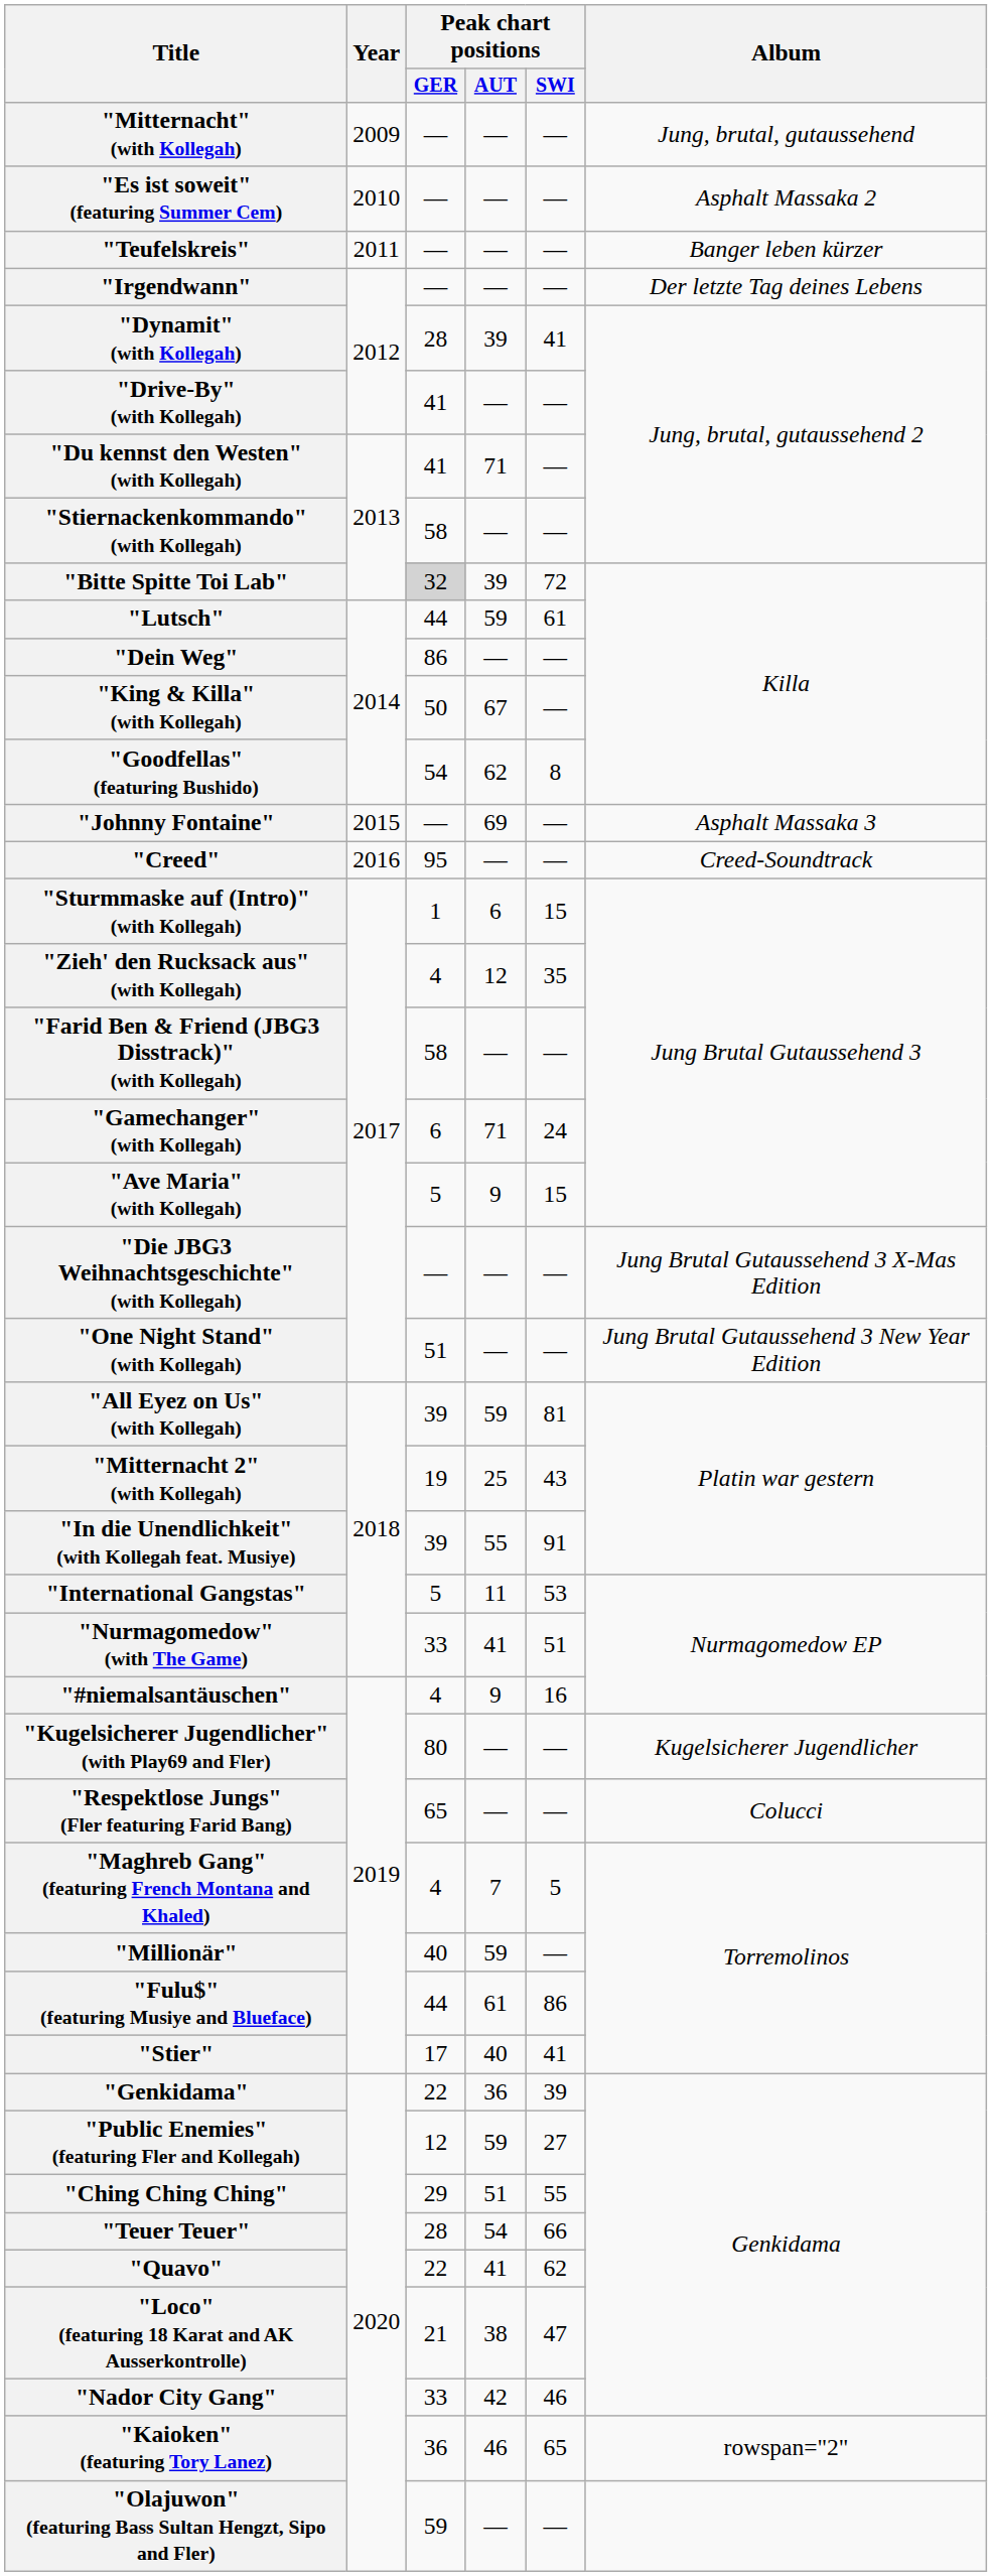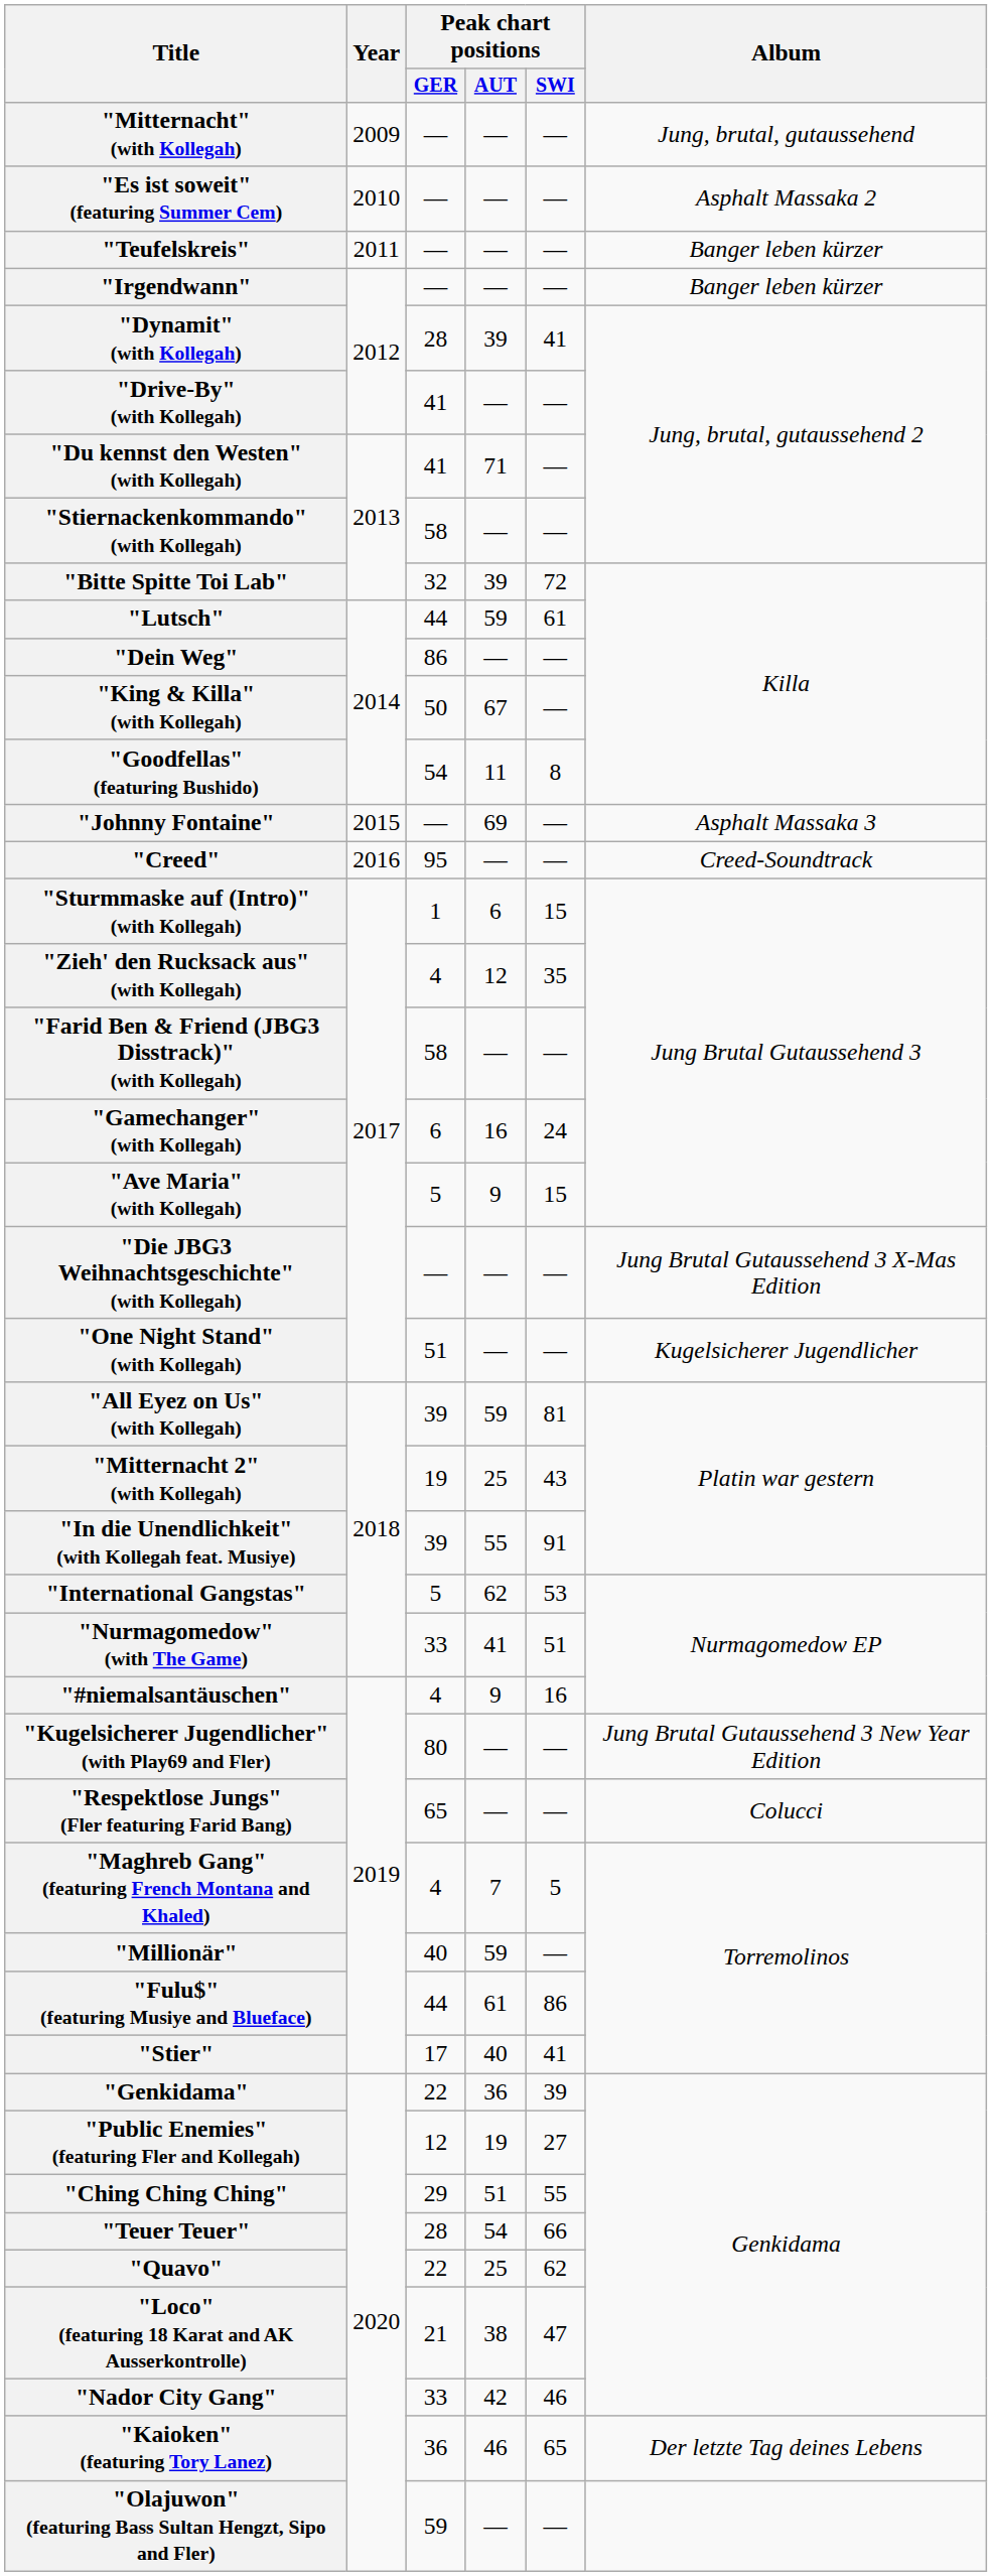 <table class="wikitable plainrowheaders" style="text-align:center;">
 <tr>
 <th scope="col" rowspan="2" style="width:14em;">Title</th>
 <th scope="col" rowspan="2" style="width:1em;">Year</th>
 <th scope="col" colspan="3">Peak chart positions</th>
 <th scope="col" rowspan="2" style="width:16.5em;">Album</th>
 </tr>
 <tr>
 <th style="width:2.5em; font-size:85%"><a href='#'>GER</a><br></th>
 <th style="width:2.5em; font-size:85%"><a href='#'>AUT</a><br></th>
 <th style="width:2.5em; font-size:85%"><a href='#'>SWI</a><br></th>
 </tr>
 <tr>
 <th scope="row">"Mitternacht"<br><small>(with <a href='#'>Kollegah</a>)</small></th>
 <td>2009</td>
 <td>—</td>
 <td>—</td>
 <td>—</td>
 <td><em>Jung, brutal, gutaussehend</em></td>
 </tr>
 <tr>
 <th scope="row">"Es ist soweit"<br><small>(featuring <a href='#'>Summer Cem</a>)</small></th>
 <td>2010</td>
 <td>—</td>
 <td>—</td>
 <td>—</td>
 <td><em>Asphalt Massaka 2</em></td>
 </tr>
 <tr>
 <th scope="row">"Teufelskreis"</th>
 <td>2011</td>
 <td>—</td>
 <td>—</td>
 <td>—</td>
 <td><em>Banger leben kürzer</em></td>
 </tr>
 <tr>
 <th scope="row">"Irgendwann"</th>
 <td rowspan="3">2012</td>
 <td>—</td>
 <td>—</td>
 <td>—</td>
-<td><em>Der letzte Tag deines Lebens</em></td>
+<td><em>Banger leben kürzer</em></td>
 </tr>
 <tr>
 <th scope="row">"Dynamit"<br><small>(with <a href='#'>Kollegah</a>)</small></th>
 <td>28</td>
 <td>39</td>
 <td>41</td>
 <td rowspan="4"><em>Jung, brutal, gutaussehend 2</em></td>
 </tr>
 <tr>
 <th scope="row">"Drive-By"<br><small>(with Kollegah)</small></th>
 <td>41</td>
 <td>—</td>
 <td>—</td>
 </tr>
 <tr>
 <th scope="row">"Du kennst den Westen"<br><small>(with Kollegah)</small></th>
 <td rowspan="3">2013</td>
 <td>41</td>
 <td>71</td>
 <td>—</td>
 </tr>
 <tr>
 <th scope="row">"Stiernackenkommando"<br><small>(with Kollegah)</small></th>
 <td>58</td>
 <td>—</td>
 <td>—</td>
 </tr>
 <tr>
 <th scope="row">"Bitte Spitte Toi Lab"</th>
-<td style="background: lightgrey;">32</td>
+<td>32</td>
 <td>39</td>
 <td>72</td>
 <td rowspan="5"><em>Killa</em></td>
 </tr>
 <tr>
 <th scope="row">"Lutsch"</th>
 <td rowspan="4">2014</td>
 <td>44</td>
 <td>59</td>
 <td>61</td>
 </tr>
 <tr>
 <th scope="row">"Dein Weg"</th>
 <td>86</td>
 <td>—</td>
 <td>—</td>
 </tr>
 <tr>
 <th scope="row">"King & Killa"<br><small>(with Kollegah)</small></th>
 <td>50</td>
 <td>67</td>
 <td>—</td>
 </tr>
 <tr>
 <th scope="row">"Goodfellas"<br><small>(featuring Bushido)</small></th>
 <td>54</td>
-<td>62</td>
+<td>11</td>
 <td>8</td>
 </tr>
 <tr>
 <th scope="row">"Johnny Fontaine"</th>
 <td>2015</td>
 <td>—</td>
 <td>69</td>
 <td>—</td>
 <td><em>Asphalt Massaka 3</em></td>
 </tr>
 <tr>
 <th scope="row">"Creed"</th>
 <td>2016</td>
 <td>95</td>
 <td>—</td>
 <td>—</td>
 <td><em>Creed-Soundtrack</em></td>
 </tr>
 <tr>
 <th scope="row">"Sturmmaske auf (Intro)"<br><small>(with Kollegah)</small></th>
 <td rowspan="7">2017</td>
 <td>1</td>
 <td>6</td>
 <td>15</td>
 <td rowspan="5"><em>Jung Brutal Gutaussehend 3</em></td>
 </tr>
 <tr>
 <th scope="row">"Zieh' den Rucksack aus"<br><small>(with Kollegah)</small></th>
 <td>4</td>
 <td>12</td>
 <td>35</td>
 </tr>
 <tr>
 <th scope="row">"Farid Ben & Friend (JBG3 Disstrack)"<br><small>(with Kollegah)</small></th>
 <td>58</td>
 <td>—</td>
 <td>—</td>
 </tr>
 <tr>
 <th scope="row">"Gamechanger"<br><small>(with Kollegah)</small></th>
 <td>6</td>
-<td>71</td>
+<td>16</td>
 <td>24</td>
 </tr>
 <tr>
 <th scope="row">"Ave Maria"<br><small>(with Kollegah)</small></th>
 <td>5</td>
 <td>9</td>
 <td>15</td>
 </tr>
 <tr>
 <th scope="row">"Die JBG3 Weihnachtsgeschichte"<br><small>(with Kollegah)</small></th>
 <td>—</td>
 <td>—</td>
 <td>—</td>
 <td><em>Jung Brutal Gutaussehend 3 X-Mas Edition</em></td>
 </tr>
 <tr>
 <th scope="row">"One Night Stand"<br><small>(with Kollegah)</small></th>
 <td>51</td>
 <td>—</td>
 <td>—</td>
-<td><em>Jung Brutal Gutaussehend 3 New Year Edition</em></td>
+<td><em>Kugelsicherer Jugendlicher</em></td>
 </tr>
 <tr>
 <th scope="row">"All Eyez on Us"<br><small>(with Kollegah)</small></th>
 <td rowspan="5">2018</td>
 <td>39</td>
 <td>59</td>
 <td>81</td>
 <td rowspan="3"><em>Platin war gestern</em></td>
 </tr>
 <tr>
 <th scope="row">"Mitternacht 2"<br><small>(with Kollegah)</small></th>
 <td>19</td>
 <td>25</td>
 <td>43</td>
 </tr>
 <tr>
 <th scope="row">"In die Unendlichkeit"<br><small>(with Kollegah feat. Musiye)</small></th>
 <td>39</td>
 <td>55</td>
 <td>91</td>
 </tr>
 <tr>
 <th scope="row">"International Gangstas"<br></th>
 <td>5</td>
-<td>11</td>
+<td>62</td>
 <td>53</td>
 <td rowspan="3"><em>Nurmagomedow EP</em></td>
 </tr>
 <tr>
 <th scope="row">"Nurmagomedow"<br><small>(with <a href='#'>The Game</a>)</small></th>
 <td>33</td>
 <td>41</td>
 <td>51</td>
 </tr>
 <tr>
 <th scope="row">"#niemalsantäuschen"</th>
 <td rowspan="7">2019</td>
 <td>4</td>
 <td>9</td>
 <td>16</td>
 </tr>
 <tr>
 <th scope="row">"Kugelsicherer Jugendlicher"<br><small>(with Play69 and Fler)</small></th>
 <td>80</td>
 <td>—</td>
 <td>—</td>
-<td><em>Kugelsicherer Jugendlicher</em></td>
+<td><em>Jung Brutal Gutaussehend 3 New Year Edition</em></td>
 </tr>
 <tr>
 <th scope="row">"Respektlose Jungs"<br><small>(Fler featuring Farid Bang)</small></th>
 <td>65</td>
 <td>—</td>
 <td>—</td>
 <td><em>Colucci</em></td>
 </tr>
 <tr>
 <th scope="row">"Maghreb Gang"<br><small>(featuring <a href='#'>French Montana</a> and <a href='#'>Khaled</a>)</small></th>
 <td>4</td>
 <td>7</td>
 <td>5</td>
 <td rowspan="4"><em>Torremolinos</em></td>
 </tr>
 <tr>
 <th scope="row">"Millionär"</th>
 <td>40</td>
 <td>59</td>
 <td>—</td>
 </tr>
 <tr>
 <th scope="row">"Fulu$"<br><small>(featuring Musiye and <a href='#'>Blueface</a>)</small></th>
 <td>44</td>
 <td>61</td>
 <td>86</td>
 </tr>
 <tr>
 <th scope="row">"Stier"</th>
 <td>17</td>
 <td>40</td>
 <td>41</td>
 </tr>
 <tr>
 <th scope="row">"Genkidama"</th>
 <td rowspan="9">2020</td>
 <td>22</td>
 <td>36</td>
 <td>39</td>
 <td rowspan="7"><em>Genkidama</em></td>
 </tr>
 <tr>
 <th scope="row">"Public Enemies"<br><small>(featuring Fler and Kollegah)</small></th>
 <td>12</td>
-<td>59</td>
+<td>19</td>
 <td>27</td>
 </tr>
 <tr>
 <th scope="row">"Ching Ching Ching"</th>
 <td>29</td>
 <td>51</td>
 <td>55</td>
 </tr>
 <tr>
 <th scope="row">"Teuer Teuer"</th>
 <td>28</td>
 <td>54</td>
 <td>66</td>
 </tr>
 <tr>
 <th scope="row">"Quavo"</th>
 <td>22</td>
-<td>41</td>
+<td>25</td>
 <td>62</td>
 </tr>
 <tr>
 <th scope="row">"Loco"<br><small>(featuring 18 Karat and AK Ausserkontrolle)</small></th>
 <td>21</td>
 <td>38</td>
 <td>47</td>
 </tr>
 <tr>
 <th scope="row">"Nador City Gang"</th>
 <td>33</td>
 <td>42</td>
 <td>46</td>
 </tr>
 <tr>
 <th scope="row">"Kaioken"<br><small>(featuring <a href='#'>Tory Lanez</a>)</small></th>
 <td>36</td>
 <td>46</td>
 <td>65</td>
-<td>rowspan="2" </td>
+<td><em>Der letzte Tag deines Lebens</em></td>
 </tr>
 <tr>
 <th scope="row">"Olajuwon"<br><small>(featuring Bass Sultan Hengzt, Sipo and Fler)</small></th>
 <td>59</td>
 <td>—</td>
 <td>—</td>
 </tr>
 </table>
